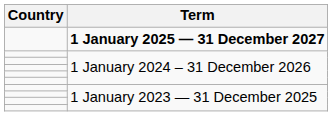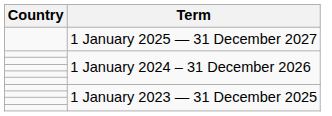 <table class="wikitable">
 <tr>
 <th>Country</th>
 <th>Term</th>
 </tr>
 <tr>
 <td><br>      </td>
-<td><strong>1 January 2025 — 31 December 2027</strong></td>
+<td>1 January 2025 — 31 December 2027</td>
 </tr>
 <tr>
 <td></td>
 <td rowspan=5>1 January 2024 – 31 December 2026</td>
 </tr>
 <tr>
 <td></td>
 </tr>
 <tr>
 <td></td>
 </tr>
 <tr>
 <td></td>
 </tr>
 <tr>
 <td></td>
 </tr>
 <tr>
 <td></td>
 <td rowspan="4">1 January 2023 —  31 December 2025</td>
 </tr>
 <tr>
 <td></td>
 </tr>
 <tr>
 <td></td>
 </tr>
 <tr>
 <td></td>
 </tr>
 </table>
